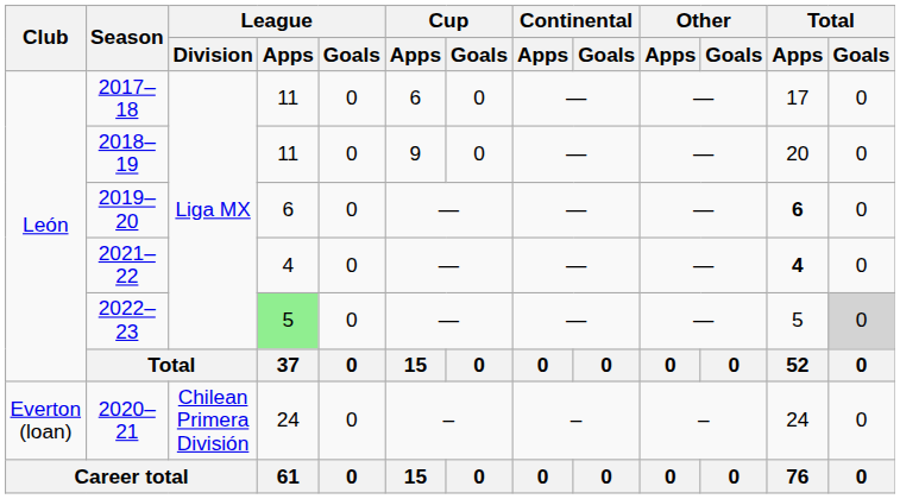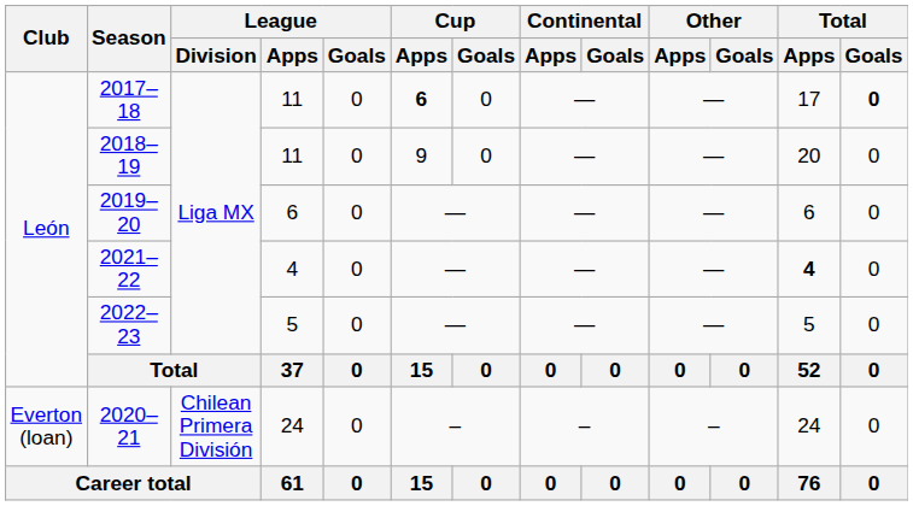 <table class="wikitable" style="text-align: center">
 <tr>
 <th rowspan="2">Club</th>
 <th rowspan="2">Season</th>
 <th colspan="3">League</th>
 <th colspan="2">Cup</th>
 <th colspan="2">Continental</th>
 <th colspan="2">Other</th>
 <th colspan="2">Total</th>
 </tr>
 <tr>
 <th>Division</th>
 <th>Apps</th>
 <th>Goals</th>
 <th>Apps</th>
 <th>Goals</th>
 <th>Apps</th>
 <th>Goals</th>
 <th>Apps</th>
 <th>Goals</th>
 <th>Apps</th>
 <th>Goals</th>
 </tr>
 <tr>
 <td rowspan="6"><a href='#'>León</a></td>
 <td><a href='#'>2017–18</a></td>
 <td rowspan="5"><a href='#'>Liga MX</a></td>
 <td>11</td>
 <td>0</td>
-<td>6</td>
+<td><strong>6</strong></td>
 <td>0</td>
 <td colspan="2">—</td>
 <td colspan="2">—</td>
 <td>17</td>
-<td>0</td>
+<td><strong>0</strong></td>
 </tr>
 <tr>
 <td><a href='#'>2018–19</a></td>
 <td>11</td>
 <td>0</td>
 <td>9</td>
 <td>0</td>
 <td colspan="2">—</td>
 <td colspan="2">—</td>
 <td>20</td>
 <td>0</td>
 </tr>
 <tr>
 <td><a href='#'>2019–20</a></td>
 <td>6</td>
 <td>0</td>
 <td colspan="2">—</td>
 <td colspan="2">—</td>
 <td colspan="2">—</td>
-<td><strong>6</strong></td>
+<td>6</td>
 <td>0</td>
 </tr>
 <tr>
 <td><a href='#'>2021–22</a></td>
 <td>4</td>
 <td>0</td>
 <td colspan="2">—</td>
 <td colspan="2">—</td>
 <td colspan="2">—</td>
 <td><strong>4</strong></td>
 <td>0</td>
 </tr>
 <tr>
 <td><a href='#'>2022–23</a></td>
-<td style="background: lightgreen;">5</td>
+<td>5</td>
 <td>0</td>
 <td colspan="2">—</td>
 <td colspan="2">—</td>
 <td colspan="2">—</td>
 <td>5</td>
-<td style="background: lightgrey;">0</td>
+<td>0</td>
 </tr>
 <tr>
 <th colspan="2">Total</th>
 <th>37</th>
 <th>0</th>
 <th>15</th>
 <th>0</th>
 <th>0</th>
 <th>0</th>
 <th>0</th>
 <th>0</th>
 <th>52</th>
 <th>0</th>
 </tr>
 <tr>
 <td><a href='#'>Everton</a> (loan)</td>
 <td><a href='#'>2020–21</a></td>
 <td><a href='#'>Chilean Primera División</a></td>
 <td>24</td>
 <td>0</td>
 <td colspan="2">–</td>
 <td colspan="2">–</td>
 <td colspan="2">–</td>
 <td>24</td>
 <td>0</td>
 </tr>
 <tr>
 <th colspan="3"><strong>Career total</strong></th>
 <th>61</th>
 <th>0</th>
 <th>15</th>
 <th>0</th>
 <th>0</th>
 <th>0</th>
 <th>0</th>
 <th>0</th>
 <th>76</th>
 <th>0</th>
 </tr>
 </table>
